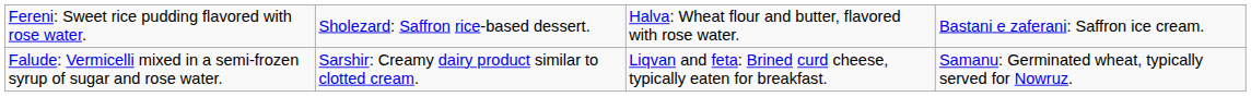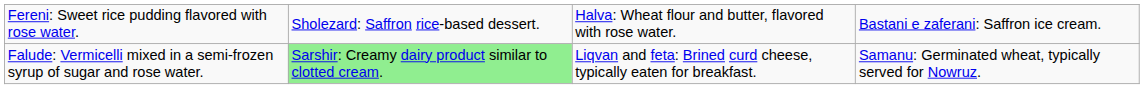 <table class="wikitable">
 <tr>
 <td style="width: 20%;"><a href='#'>Fereni</a>: Sweet rice pudding flavored with <a href='#'>rose water</a>.</td>
 <td style="width: 20%;"><a href='#'>Sholezard</a>: <a href='#'>Saffron</a> <a href='#'>rice</a>-based dessert.</td>
 <td style="width: 20%;"><a href='#'>Halva</a>: Wheat flour and butter, flavored with rose water.</td>
 <td style="width: 20%;"><a href='#'>Bastani e zaferani</a>: Saffron ice cream.</td>
 </tr>
 <tr>
 <td><a href='#'>Falude</a>: <a href='#'>Vermicelli</a> mixed in a semi-frozen syrup of sugar and rose water.</td>
-<td><a href='#'>Sarshir</a>: Creamy <a href='#'>dairy product</a> similar to <a href='#'>clotted cream</a>.</td>
+<td style="background: lightgreen;"><a href='#'>Sarshir</a>: Creamy <a href='#'>dairy product</a> similar to <a href='#'>clotted cream</a>.</td>
 <td><a href='#'>Liqvan</a> and <a href='#'>feta</a>: <a href='#'>Brined</a> <a href='#'>curd</a> cheese, typically eaten for breakfast.</td>
 <td><a href='#'>Samanu</a>: Germinated wheat, typically served for <a href='#'>Nowruz</a>.</td>
 </tr>
 </table>
